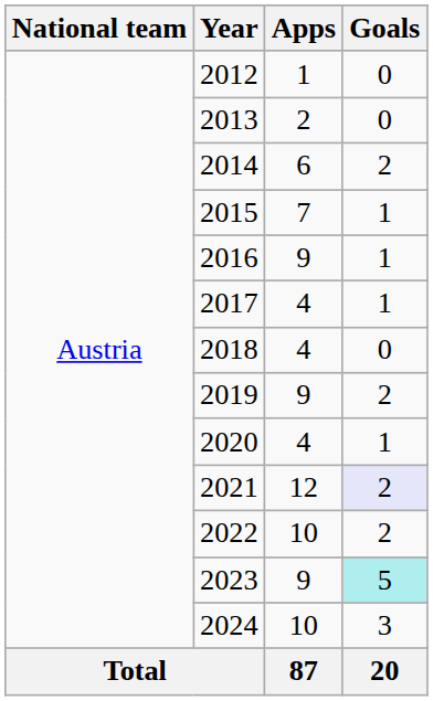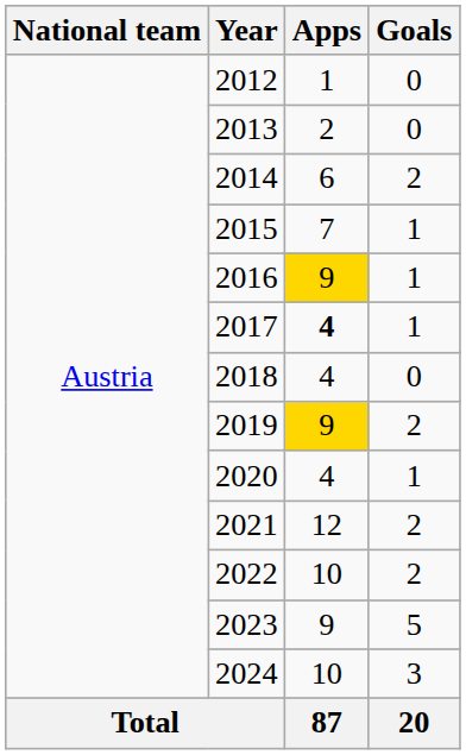 <table class="wikitable" style="text-align:center">
 <tr>
 <th>National team</th>
 <th>Year</th>
 <th>Apps</th>
 <th>Goals</th>
 </tr>
 <tr>
 <td rowspan="13"><a href='#'>Austria</a></td>
 <td>2012</td>
 <td>1</td>
 <td>0</td>
 </tr>
 <tr>
 <td>2013</td>
 <td>2</td>
 <td>0</td>
 </tr>
 <tr>
 <td>2014</td>
 <td>6</td>
 <td>2</td>
 </tr>
 <tr>
 <td>2015</td>
 <td>7</td>
 <td>1</td>
 </tr>
 <tr>
 <td>2016</td>
-<td>9</td>
+<td style="background: gold;">9</td>
 <td>1</td>
 </tr>
 <tr>
 <td>2017</td>
-<td>4</td>
+<td><strong>4</strong></td>
 <td>1</td>
 </tr>
 <tr>
 <td>2018</td>
 <td>4</td>
 <td>0</td>
 </tr>
 <tr>
 <td>2019</td>
-<td>9</td>
+<td style="background: gold;">9</td>
 <td>2</td>
 </tr>
 <tr>
 <td>2020</td>
 <td>4</td>
 <td>1</td>
 </tr>
 <tr>
 <td>2021</td>
 <td>12</td>
-<td style="background: lavender;">2</td>
+<td>2</td>
 </tr>
 <tr>
 <td>2022</td>
 <td>10</td>
 <td>2</td>
 </tr>
 <tr>
 <td>2023</td>
 <td>9</td>
-<td style="background: paleturquoise;">5</td>
+<td>5</td>
 </tr>
 <tr>
 <td>2024</td>
 <td>10</td>
 <td>3</td>
 </tr>
 <tr>
 <th colspan="2">Total</th>
 <th>87</th>
 <th>20</th>
 </tr>
 </table>
